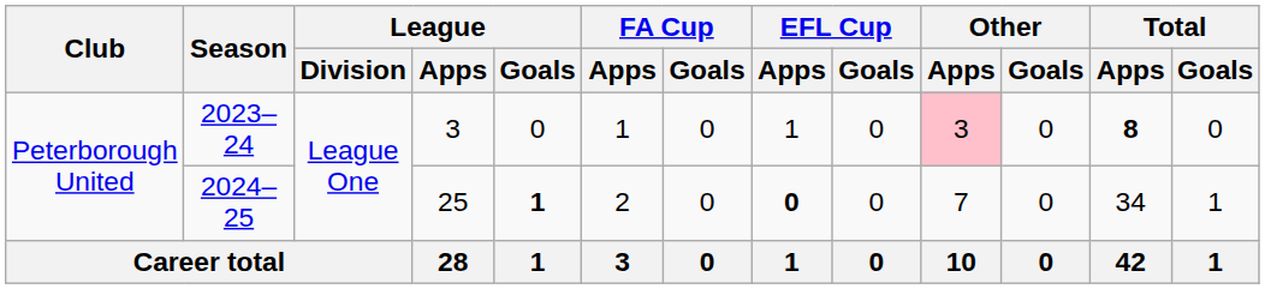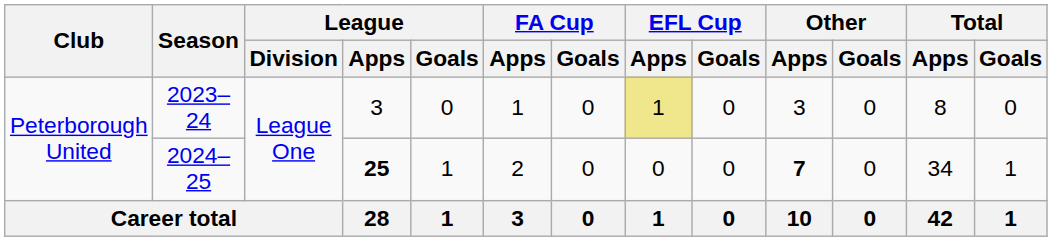 <table class="wikitable" style="text-align:center;">
 <tr>
 <th rowspan="2">Club</th>
 <th rowspan="2">Season</th>
 <th colspan="3">League</th>
 <th colspan="2"><a href='#'>FA Cup</a></th>
 <th colspan="2"><a href='#'>EFL Cup</a></th>
 <th colspan="2">Other</th>
 <th colspan="2">Total</th>
 </tr>
 <tr>
 <th>Division</th>
 <th>Apps</th>
 <th>Goals</th>
 <th>Apps</th>
 <th>Goals</th>
 <th>Apps</th>
 <th>Goals</th>
 <th>Apps</th>
 <th>Goals</th>
 <th>Apps</th>
 <th>Goals</th>
 </tr>
 <tr>
 <td rowspan="2"><a href='#'>Peterborough United</a></td>
 <td><a href='#'>2023–24</a></td>
 <td rowspan="2"><a href='#'>League One</a></td>
 <td>3</td>
 <td>0</td>
 <td>1</td>
 <td>0</td>
-<td>1</td>
+<td style="background: khaki;">1</td>
 <td>0</td>
-<td style="background: pink;">3</td>
+<td>3</td>
 <td>0</td>
-<td><strong>8</strong></td>
+<td>8</td>
 <td>0</td>
 </tr>
 <tr>
 <td><a href='#'>2024–25</a></td>
-<td>25</td>
-<td><strong>1</strong></td>
+<td><strong>25</strong></td>
+<td>1</td>
 <td>2</td>
 <td>0</td>
-<td><strong>0</strong></td>
 <td>0</td>
-<td>7</td>
+<td>0</td>
+<td><strong>7</strong></td>
 <td>0</td>
 <td>34</td>
 <td>1</td>
 </tr>
 <tr>
 <th colspan="3">Career total</th>
 <th>28</th>
 <th>1</th>
 <th>3</th>
 <th>0</th>
 <th>1</th>
 <th>0</th>
 <th>10</th>
 <th>0</th>
 <th>42</th>
 <th>1</th>
 </tr>
 </table>
